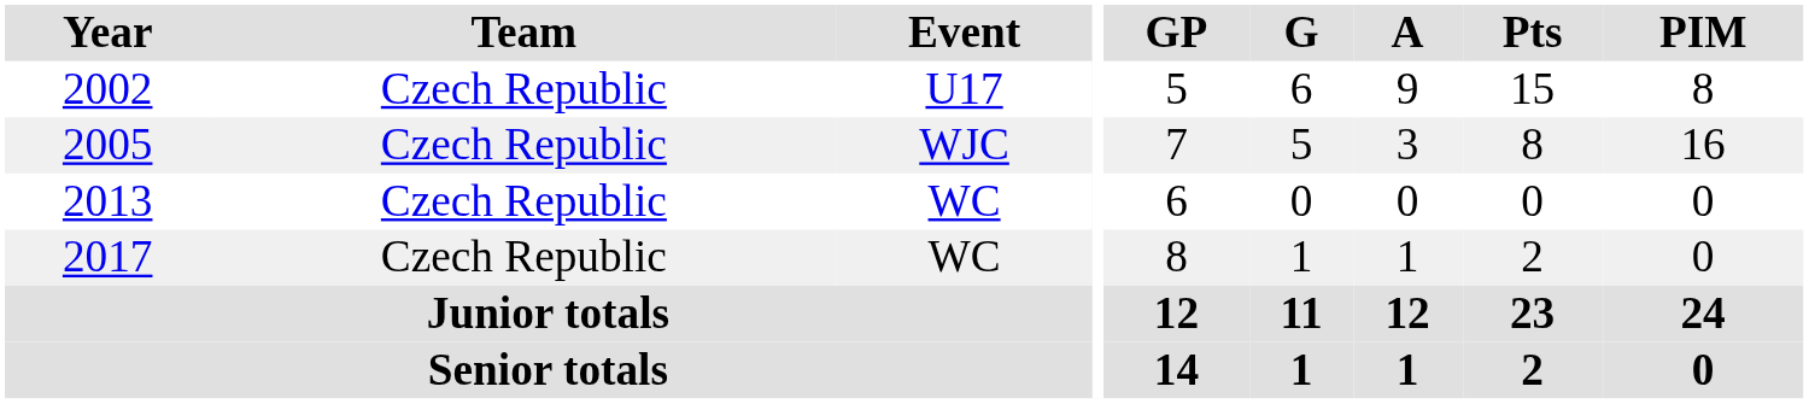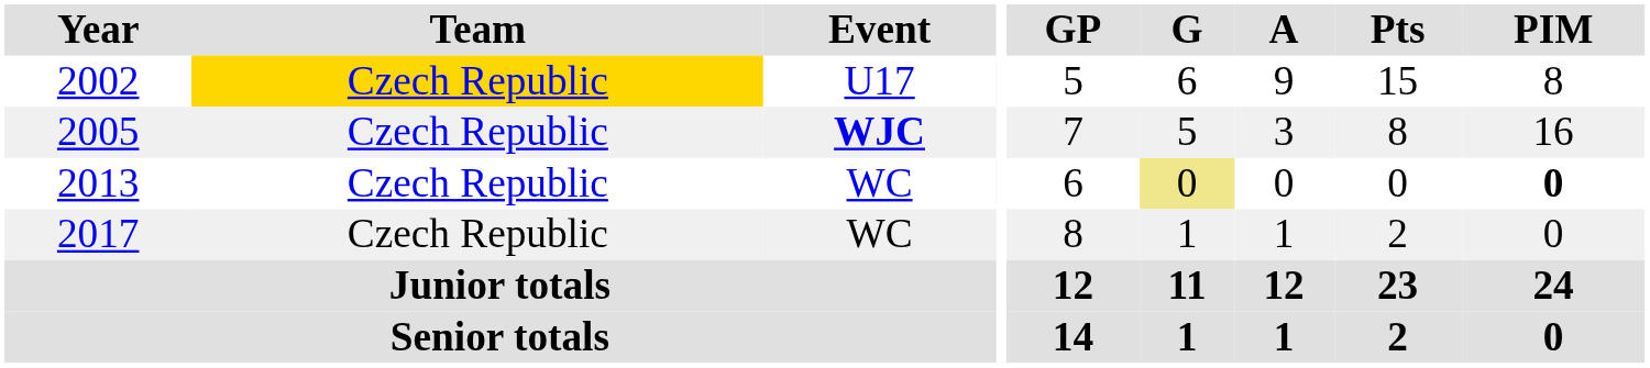 <table border="0" cellpadding="1" cellspacing="0" ID="Table3" style="text-align:center; width:40em">
 <tr bgcolor="#e0e0e0">
 <th>Year</th>
 <th>Team</th>
 <th>Event</th>
 <th rowspan="102" bgcolor="#ffffff"></th>
 <th>GP</th>
 <th>G</th>
 <th>A</th>
 <th>Pts</th>
 <th>PIM</th>
 </tr>
 <tr>
 <td><a href='#'>2002</a></td>
-<td><a href='#'>Czech Republic</a></td>
+<td style="background: gold;"><a href='#'>Czech Republic</a></td>
 <td><a href='#'>U17</a></td>
 <td>5</td>
 <td>6</td>
 <td>9</td>
 <td>15</td>
 <td>8</td>
 </tr>
 <tr bgcolor="#f0f0f0">
 <td><a href='#'>2005</a></td>
 <td><a href='#'>Czech Republic</a></td>
-<td><a href='#'>WJC</a></td>
+<td><strong><a href='#'>WJC</a></strong></td>
 <td>7</td>
 <td>5</td>
 <td>3</td>
 <td>8</td>
 <td>16</td>
 </tr>
 <tr>
 <td><a href='#'>2013</a></td>
 <td><a href='#'>Czech Republic</a></td>
 <td><a href='#'>WC</a></td>
 <td>6</td>
+<td style="background: khaki;">0</td>
 <td>0</td>
 <td>0</td>
-<td>0</td>
-<td>0</td>
+<td><strong>0</strong></td>
 </tr>
 <tr bgcolor="#f0f0f0">
 <td><a href='#'>2017</a></td>
 <td>Czech Republic</td>
 <td>WC</td>
 <td>8</td>
 <td>1</td>
 <td>1</td>
 <td>2</td>
 <td>0</td>
 </tr>
 <tr bgcolor="#e0e0e0">
 <th colspan="3">Junior totals</th>
 <th>12</th>
 <th>11</th>
 <th>12</th>
 <th>23</th>
 <th>24</th>
 </tr>
 <tr bgcolor="#e0e0e0">
 <th colspan="3">Senior totals</th>
 <th>14</th>
 <th>1</th>
 <th>1</th>
 <th>2</th>
 <th>0</th>
 </tr>
 </table>
